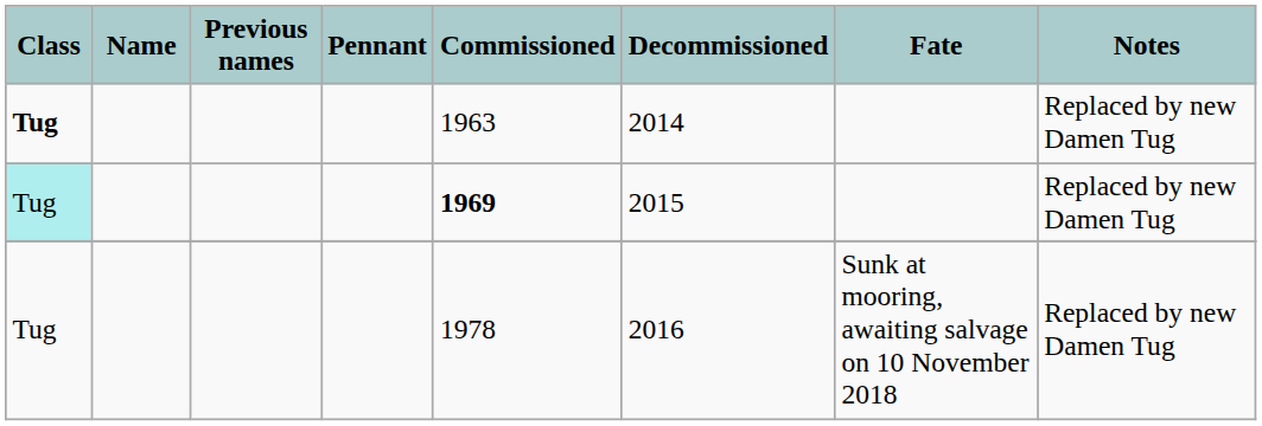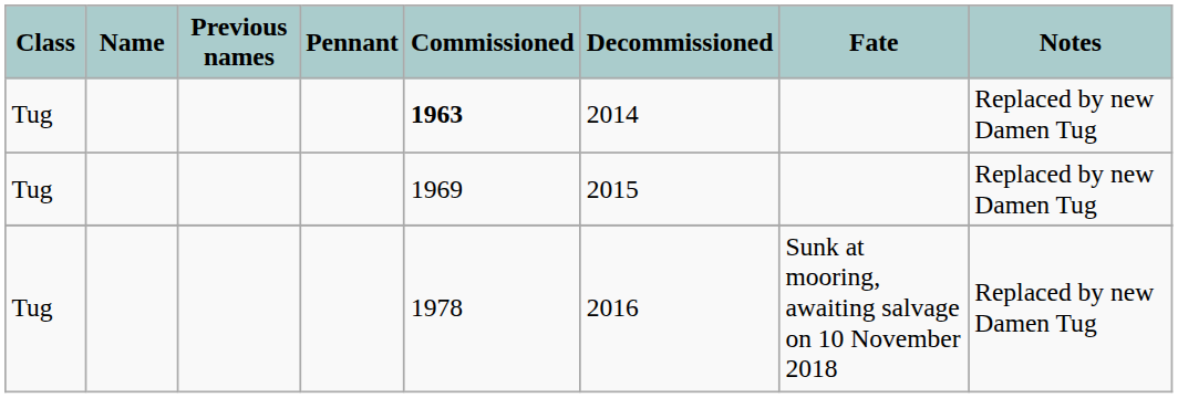 <table class="wikitable sortable" style="font-style: normal; font-size: 85%">
 <tr>
 <th style="width:8%; background-color:#aacccc">Class</th>
 <th style="width:10%; background-color:#aacccc">Name</th>
 <th class=unsortable style="width:12%; background-color:#aacccc">Previous names</th>
 <th style="width:5%; background-color:#aacccc">Pennant</th>
 <th style="width:5%; background-color:#aacccc">Commissioned</th>
 <th style="width:5%; background-color:#aacccc">Decommissioned</th>
 <th class=unsortable style="width:25%; background-color:#aacccc">Fate</th>
 <th class=unsortable style="width:30%; background-color:#aacccc">Notes</th>
 </tr>
 <tr>
-<td><strong>Tug</strong></td>
+<td>Tug</td>
 <td></td>
 <td></td>
 <td></td>
-<td>1963</td>
+<td><strong>1963</strong></td>
 <td>2014</td>
 <td></td>
 <td>Replaced by new Damen Tug</td>
 </tr>
 <tr>
-<td style="background: paleturquoise;">Tug</td>
+<td>Tug</td>
 <td></td>
 <td></td>
 <td></td>
-<td><strong>1969</strong></td>
+<td>1969</td>
 <td>2015</td>
 <td></td>
 <td>Replaced by new Damen Tug</td>
 </tr>
 <tr>
 </tr>
 <tr>
 <td>Tug</td>
 <td></td>
 <td></td>
 <td></td>
 <td>1978</td>
 <td>2016</td>
 <td>Sunk at mooring, awaiting salvage on 10 November 2018 </td>
 <td>Replaced by new Damen Tug</td>
 </tr>
 </table>
